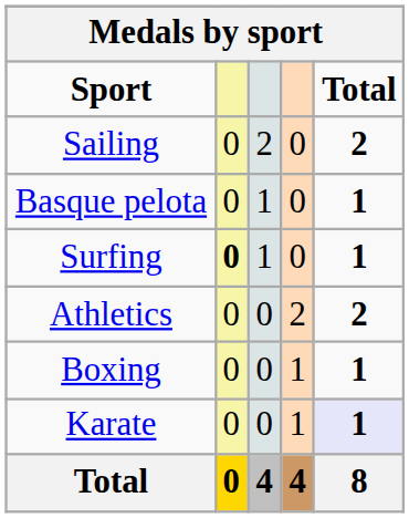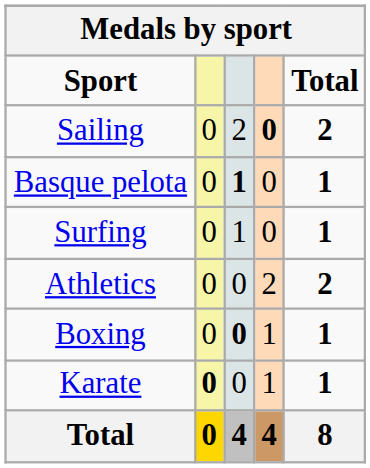 <table class="wikitable" style="font-size:85%; float:right;">
 <tr style="background:#efefef;">
 </tr>
 <tr align=center>
 <th colspan=7><strong>Medals by sport</strong></th>
 </tr>
 <tr align=center>
 <td><strong>Sport</strong></td>
 <td bgcolor=F7F6A8></td>
 <td bgcolor=DCE5E5></td>
 <td bgcolor=FFDAB9></td>
 <td><strong>Total</strong></td>
 </tr>
 <tr align=center>
 <td><a href='#'>Sailing</a></td>
 <td style="background:#F7F6A8;">0</td>
 <td style="background:#DCE5E5;">2</td>
-<td style="background:#FFDAB9;">0</td>
+<td style="background:#FFDAB9;"><strong>0</strong></td>
 <td><strong>2</strong></td>
 </tr>
 <tr align=center>
 <td><a href='#'>Basque pelota</a></td>
 <td style="background:#F7F6A8;">0</td>
-<td style="background:#DCE5E5;">1</td>
+<td style="background:#DCE5E5;"><strong>1</strong></td>
 <td style="background:#FFDAB9;">0</td>
 <td><strong>1</strong></td>
 </tr>
 <tr align=center>
 <td><a href='#'>Surfing</a></td>
-<td style="background:#F7F6A8;"><strong>0</strong></td>
+<td style="background:#F7F6A8;">0</td>
 <td style="background:#DCE5E5;">1</td>
 <td style="background:#FFDAB9;">0</td>
 <td><strong>1</strong></td>
 </tr>
 <tr align=center>
 <td><a href='#'>Athletics</a></td>
 <td style="background:#F7F6A8;">0</td>
 <td style="background:#DCE5E5;">0</td>
 <td style="background:#FFDAB9;">2</td>
 <td><strong>2</strong></td>
 </tr>
 <tr align=center>
 <td><a href='#'>Boxing</a></td>
 <td style="background:#F7F6A8;">0</td>
-<td style="background:#DCE5E5;">0</td>
+<td style="background:#DCE5E5;"><strong>0</strong></td>
 <td style="background:#FFDAB9;">1</td>
 <td><strong>1</strong></td>
 </tr>
 <tr align=center>
 <td><a href='#'>Karate</a></td>
-<td style="background:#F7F6A8;">0</td>
+<td style="background:#F7F6A8;"><strong>0</strong></td>
 <td style="background:#DCE5E5;">0</td>
 <td style="background:#FFDAB9;">1</td>
-<td style="background: lavender;"><strong>1</strong></td>
+<td><strong>1</strong></td>
 </tr>
 <tr align=center>
 <th><strong>Total</strong></th>
 <th style="background:gold;"><strong>0</strong></th>
 <th style="background:silver;"><strong>4</strong></th>
 <th style="background:#c96;"><strong>4</strong></th>
 <th><strong>8</strong></th>
 </tr>
 </table>
